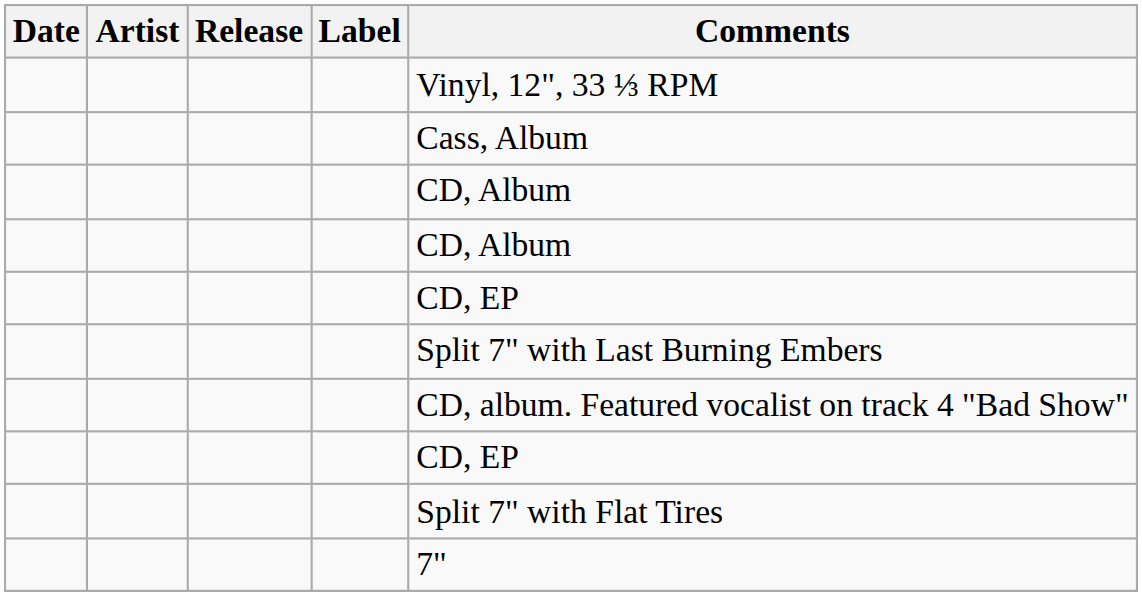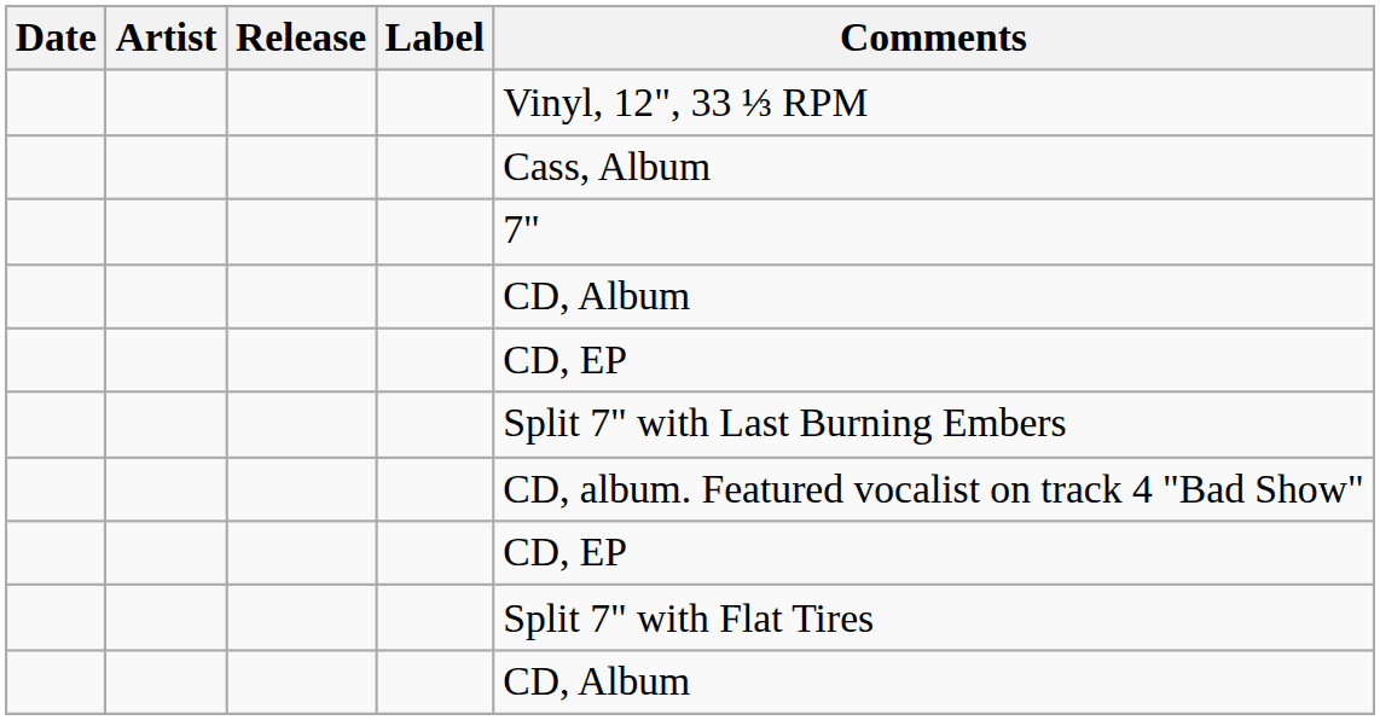 <table class="wikitable">
 <tr>
 <th>Date</th>
 <th>Artist</th>
 <th>Release</th>
 <th>Label</th>
 <th>Comments</th>
 </tr>
 <tr>
 <td></td>
 <td></td>
 <td></td>
 <td></td>
 <td>Vinyl, 12", 33 ⅓ RPM</td>
 </tr>
 <tr>
 <td></td>
 <td></td>
 <td></td>
 <td></td>
 <td>Cass, Album</td>
 </tr>
 <tr>
 <td></td>
 <td></td>
 <td></td>
 <td></td>
-<td>CD, Album</td>
+<td>7"</td>
 </tr>
 <tr>
 <td></td>
 <td></td>
 <td></td>
 <td></td>
 <td>CD, Album</td>
 </tr>
 <tr>
 <td></td>
 <td></td>
 <td></td>
 <td></td>
 <td>CD, EP</td>
 </tr>
 <tr>
 <td></td>
 <td></td>
 <td></td>
 <td></td>
 <td>Split 7" with Last Burning Embers</td>
 </tr>
 <tr>
 <td></td>
 <td></td>
 <td></td>
 <td></td>
 <td>CD, album. Featured vocalist on track 4 "Bad Show"</td>
 </tr>
 <tr>
 <td></td>
 <td></td>
 <td></td>
 <td></td>
 <td>CD, EP</td>
 </tr>
 <tr>
 <td></td>
 <td></td>
 <td></td>
 <td></td>
 <td>Split 7" with Flat Tires</td>
 </tr>
 <tr>
 <td></td>
 <td></td>
 <td></td>
 <td></td>
-<td>7"</td>
+<td>CD, Album</td>
 </tr>
 <tr>
 </tr>
 </table>
